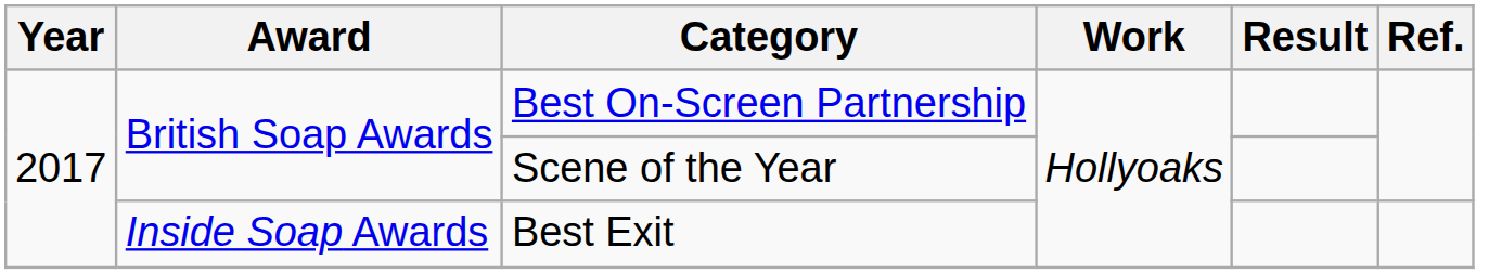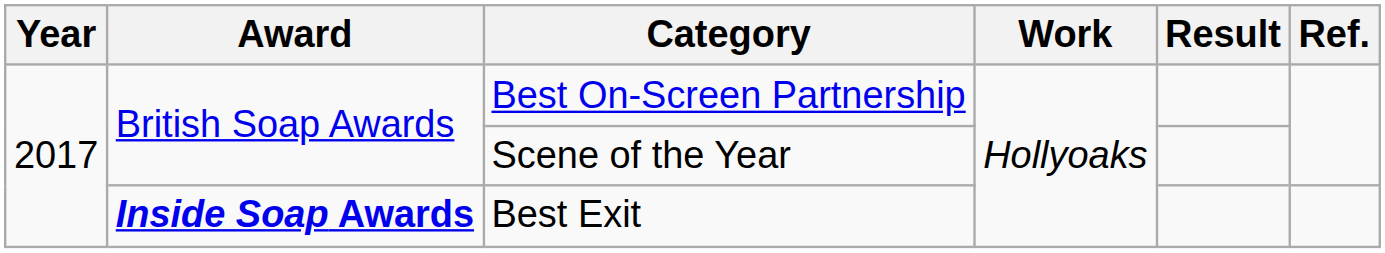 <table class="wikitable plainrowheaders">
 <tr>
 <th>Year</th>
 <th>Award</th>
 <th>Category</th>
 <th>Work</th>
 <th>Result</th>
 <th>Ref.</th>
 </tr>
 <tr>
 <td rowspan="3">2017</td>
 <td rowspan="2"><a href='#'>British Soap Awards</a></td>
 <td><a href='#'>Best On-Screen Partnership</a></td>
 <td rowspan="3"><em>Hollyoaks</em></td>
 <td></td>
 <td rowspan="2"></td>
 </tr>
 <tr>
 <td>Scene of the Year</td>
 <td></td>
 </tr>
 <tr>
-<td><a href='#'><em>Inside Soap</em> Awards</a></td>
+<td><strong><a href='#'><em>Inside Soap</em> Awards</a></strong></td>
 <td>Best Exit</td>
 <td></td>
 <td></td>
 </tr>
 </table>
